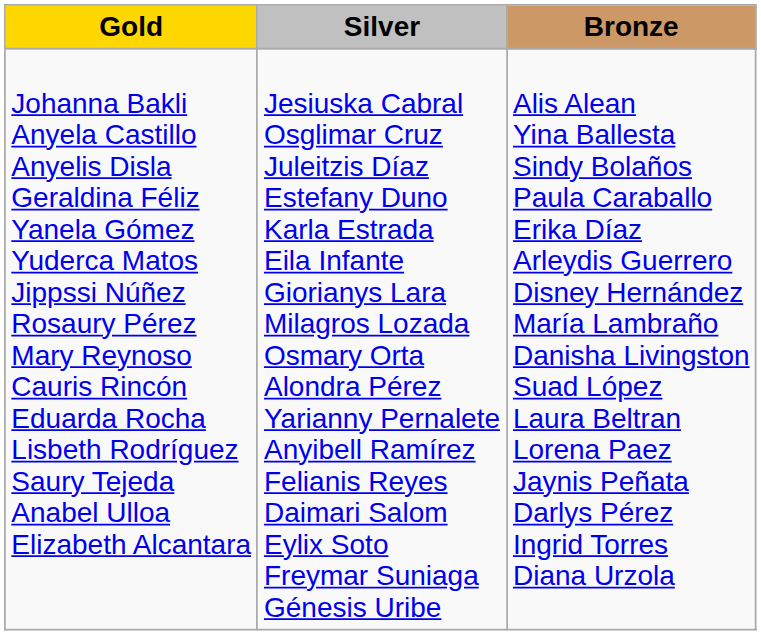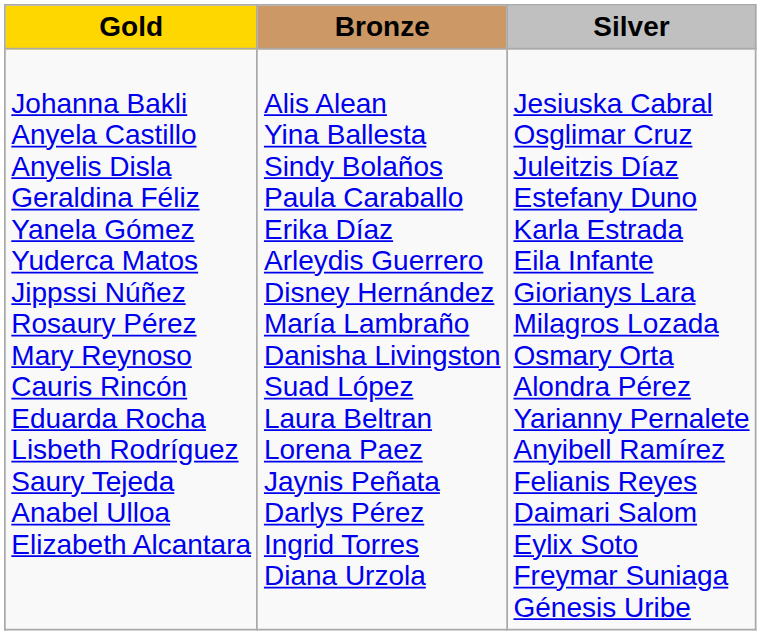 <table class="wikitable">
 <tr align="center">
 <td bgcolor="gold"><strong>Gold</strong></td>
+<td bgcolor="CC9966"><strong>Bronze</strong></td>
 <td bgcolor="silver"><strong>Silver</strong></td>
-<td bgcolor="CC9966"><strong>Bronze</strong></td>
 </tr>
 <tr valign="top">
 <td><br><a href='#'>Johanna Bakli</a><br><a href='#'>Anyela Castillo</a><br><a href='#'>Anyelis Disla</a><br><a href='#'>Geraldina Féliz</a><br><a href='#'>Yanela Gómez</a><br><a href='#'>Yuderca Matos</a><br><a href='#'>Jippssi Núñez</a><br><a href='#'>Rosaury Pérez</a><br><a href='#'>Mary Reynoso</a><br><a href='#'>Cauris Rincón</a><br><a href='#'>Eduarda Rocha</a><br><a href='#'>Lisbeth Rodríguez</a><br><a href='#'>Saury Tejeda</a><br><a href='#'>Anabel Ulloa</a><br><a href='#'>Elizabeth Alcantara</a></td>
+<td><br><a href='#'>Alis Alean</a><br><a href='#'>Yina Ballesta</a><br><a href='#'>Sindy Bolaños</a><br><a href='#'>Paula Caraballo</a><br><a href='#'>Erika Díaz</a><br><a href='#'>Arleydis Guerrero</a><br><a href='#'>Disney Hernández</a><br><a href='#'>María Lambraño</a><br><a href='#'>Danisha Livingston</a><br><a href='#'>Suad López</a><br><a href='#'>Laura Beltran</a><br><a href='#'>Lorena Paez</a><br><a href='#'>Jaynis Peñata</a><br><a href='#'>Darlys Pérez</a><br><a href='#'>Ingrid Torres</a><br><a href='#'>Diana Urzola</a></td>
 <td><br><a href='#'>Jesiuska Cabral</a><br><a href='#'>Osglimar Cruz</a><br><a href='#'>Juleitzis Díaz</a><br><a href='#'>Estefany Duno</a><br><a href='#'>Karla Estrada</a><br><a href='#'>Eila Infante</a><br><a href='#'>Giorianys Lara</a><br><a href='#'>Milagros Lozada</a><br><a href='#'>Osmary Orta</a><br><a href='#'>Alondra Pérez</a><br><a href='#'>Yarianny Pernalete</a><br><a href='#'>Anyibell Ramírez</a><br><a href='#'>Felianis Reyes</a><br><a href='#'>Daimari Salom</a><br><a href='#'>Eylix Soto</a><br><a href='#'>Freymar Suniaga</a><br><a href='#'>Génesis Uribe</a></td>
-<td><br><a href='#'>Alis Alean</a><br><a href='#'>Yina Ballesta</a><br><a href='#'>Sindy Bolaños</a><br><a href='#'>Paula Caraballo</a><br><a href='#'>Erika Díaz</a><br><a href='#'>Arleydis Guerrero</a><br><a href='#'>Disney Hernández</a><br><a href='#'>María Lambraño</a><br><a href='#'>Danisha Livingston</a><br><a href='#'>Suad López</a><br><a href='#'>Laura Beltran</a><br><a href='#'>Lorena Paez</a><br><a href='#'>Jaynis Peñata</a><br><a href='#'>Darlys Pérez</a><br><a href='#'>Ingrid Torres</a><br><a href='#'>Diana Urzola</a></td>
 </tr>
 </table>
